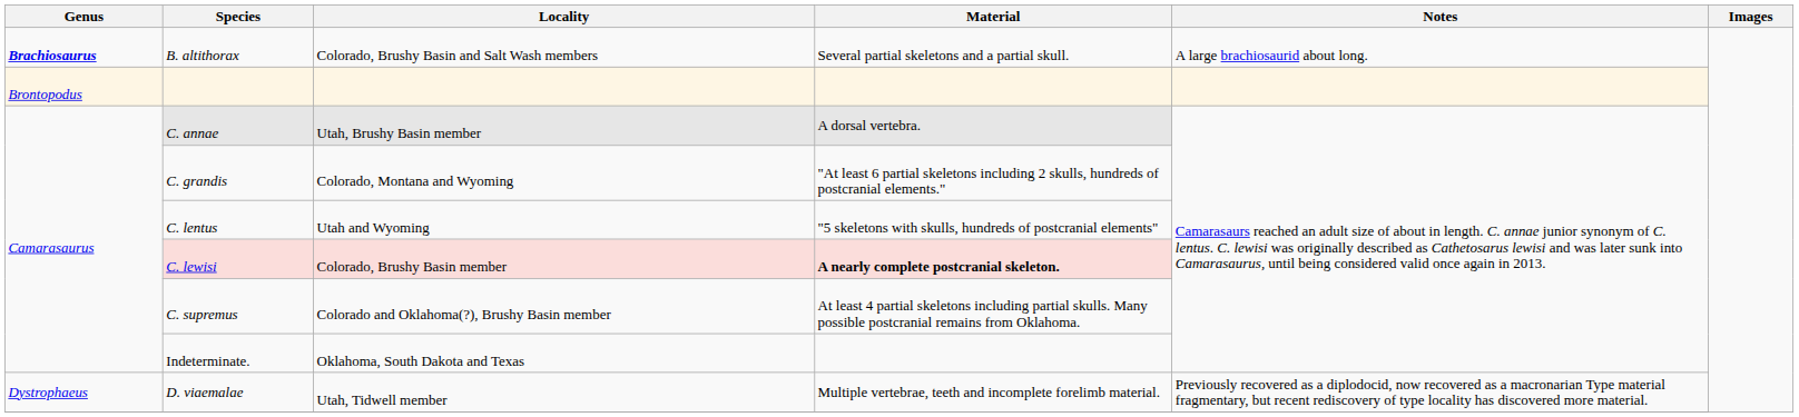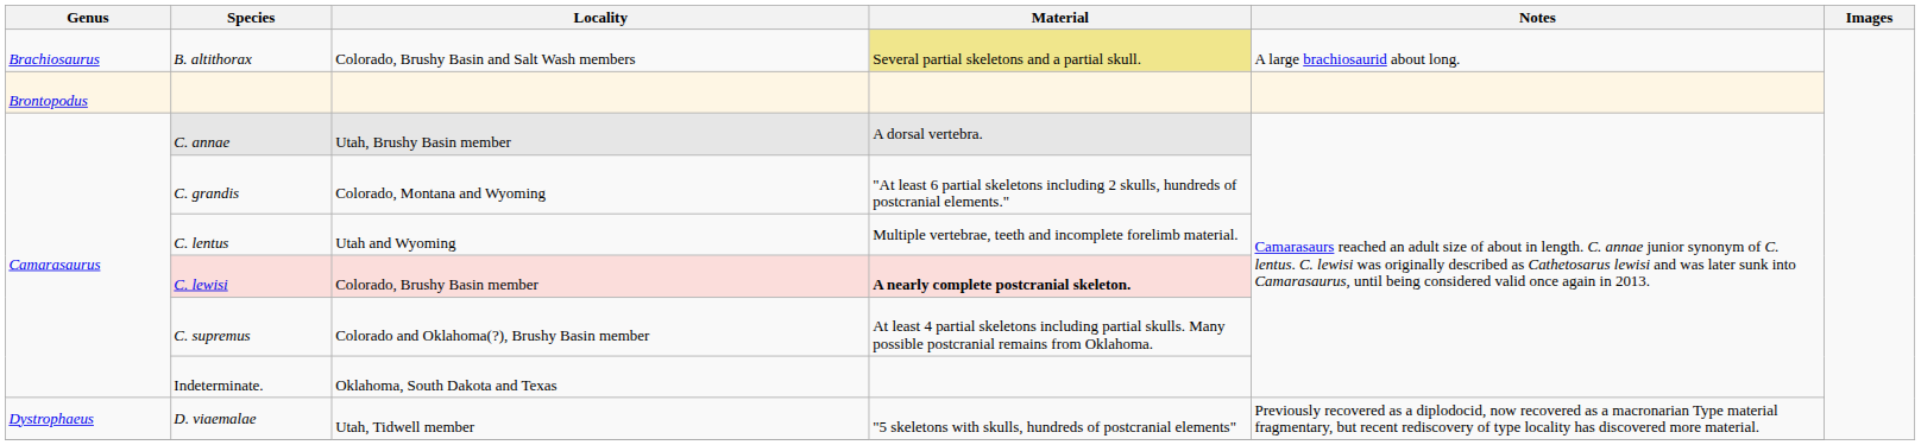 <table class="wikitable" align="center" width="100%">
 <tr>
 <th>Genus</th>
 <th>Species</th>
 <th>Locality</th>
 <th width="20%">Material</th>
 <th width="30%">Notes</th>
 <th>Images</th>
 </tr>
 <tr>
-<td><strong><br><em><a href='#'>Brachiosaurus</a></em></strong></td>
+<td><br><em><a href='#'>Brachiosaurus</a></em></td>
 <td><br><em>B. altithorax</em></td>
 <td><br>Colorado, Brushy Basin and Salt Wash members</td>
-<td><br>Several partial skeletons and a partial skull.</td>
+<td style="background: khaki;"><br>Several partial skeletons and a partial skull.</td>
 <td><br>A large <a href='#'>brachiosaurid</a> about  long.</td>
 <td rowspan="34"><br> </td>
 </tr>
 <tr>
 <td style="background:#FEF6E4;"><br><em><a href='#'>Brontopodus</a></em></td>
 <td style="background:#FEF6E4;"></td>
 <td style="background:#FEF6E4;"></td>
 <td style="background:#FEF6E4;"></td>
 <td style="background:#FEF6E4;"></td>
 </tr>
 <tr>
 <td rowspan=6><br><em><a href='#'>Camarasaurus</a></em></td>
 <td style="background:#E6E6E6;"><br><em>C. annae</em></td>
 <td style="background:#E6E6E6;"><br>Utah, Brushy Basin member</td>
 <td style="background:#E6E6E6;">A dorsal vertebra.</td>
 <td rowspan=6><br><a href='#'>Camarasaurs</a> reached an adult size of about  in length. <em>C. annae</em> junior synonym of <em>C. lentus</em>. <em>C. lewisi</em> was originally described as <em>Cathetosarus lewisi</em> and was later sunk into <em>Camarasaurus,</em> until being considered valid once again in 2013.</td>
 </tr>
 <tr>
 <td><br><em>C. grandis</em></td>
 <td><br>Colorado, Montana and Wyoming</td>
 <td><br>"At least 6 partial skeletons including 2 skulls, hundreds of postcranial elements."</td>
 </tr>
 <tr>
 <td><br><em>C. lentus</em></td>
 <td><br>Utah and Wyoming</td>
-<td><br>"5 skeletons with skulls, hundreds of postcranial elements"</td>
+<td>Multiple vertebrae, teeth and incomplete forelimb material.</td>
 </tr>
 <tr>
 <td style="background:#fbdddb;"><br><em><a href='#'>C. lewisi</a></em></td>
 <td style="background:#fbdddb;"><br>Colorado, Brushy Basin member</td>
 <td style="background:#fbdddb;"><strong><br>A nearly complete postcranial skeleton.</strong></td>
 </tr>
 <tr>
 <td><br><em>C. supremus</em></td>
 <td><br>Colorado and Oklahoma(?), Brushy Basin member</td>
 <td><br>At least 4 partial skeletons including partial skulls. Many possible postcranial remains from Oklahoma.</td>
 </tr>
 <tr>
 <td><br>Indeterminate.</td>
 <td><br>Oklahoma, South Dakota and Texas</td>
 <td></td>
 </tr>
 <tr>
 <td><em><a href='#'>Dystrophaeus</a></em></td>
 <td><em>D. viaemalae</em></td>
 <td><br>Utah, Tidwell member</td>
-<td>Multiple vertebrae, teeth and incomplete forelimb material.</td>
+<td><br>"5 skeletons with skulls, hundreds of postcranial elements"</td>
 <td>Previously recovered as a diplodocid, now recovered as a macronarian Type material fragmentary, but recent rediscovery of type locality has discovered more material.</td>
 </tr>
 <tr>
 </tr>
 </table>
